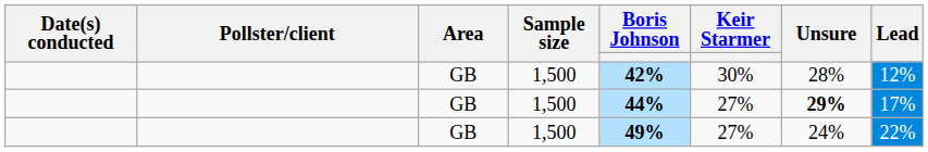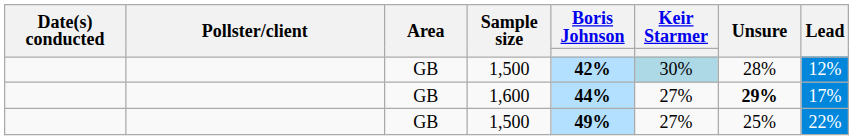 <table class="wikitable collapsible sortable mw-datatable" style="text-align:center;font-size:90%;line-height:14px">
 <tr>
 <th style="width:90px;" rowspan="2" class="unsortable">Date(s)<br>conducted</th>
 <th style="width:200px;" rowspan="2">Pollster/client</th>
 <th style="width:60px;" rowspan="2">Area</th>
 <th style="width:60px;" rowspan="2">Sample size</th>
 <th style="width:60px;" class="unsortable"><a href='#'>Boris Johnson</a></th>
 <th style="width:60px;" class="unsortable"><a href='#'>Keir Starmer</a></th>
 <th style="width:60px;" rowspan="2" class="unsortable">Unsure</th>
 <th class="unsortable" style="width:20px;" rowspan="2">Lead</th>
 </tr>
 <tr>
 <th class="unsortable" style="color:inherit;background:"></th>
 <th class="unsortable" style="color:inherit;background:"></th>
 </tr>
 <tr>
 <td></td>
 <td></td>
 <td>GB</td>
 <td>1,500</td>
 <td style="background:#B3E0FF"><strong>42%</strong></td>
-<td>30%</td>
+<td style="background: lightblue;">30%</td>
 <td>28%</td>
 <td style="background:#0087DC; color:white;">12%</td>
 </tr>
 <tr>
 <td></td>
 <td></td>
 <td>GB</td>
-<td>1,500</td>
+<td>1,600</td>
 <td style="background:#B3E0FF"><strong>44%</strong></td>
 <td>27%</td>
 <td><strong>29%</strong></td>
 <td style="background:#0087DC; color:white;">17%</td>
 </tr>
 <tr>
 <td></td>
 <td></td>
 <td>GB</td>
 <td>1,500</td>
 <td style="background:#B3E0FF"><strong>49%</strong></td>
 <td>27%</td>
-<td>24%</td>
+<td>25%</td>
 <td style="background:#0087DC; color:white;">22%</td>
 </tr>
 </table>
